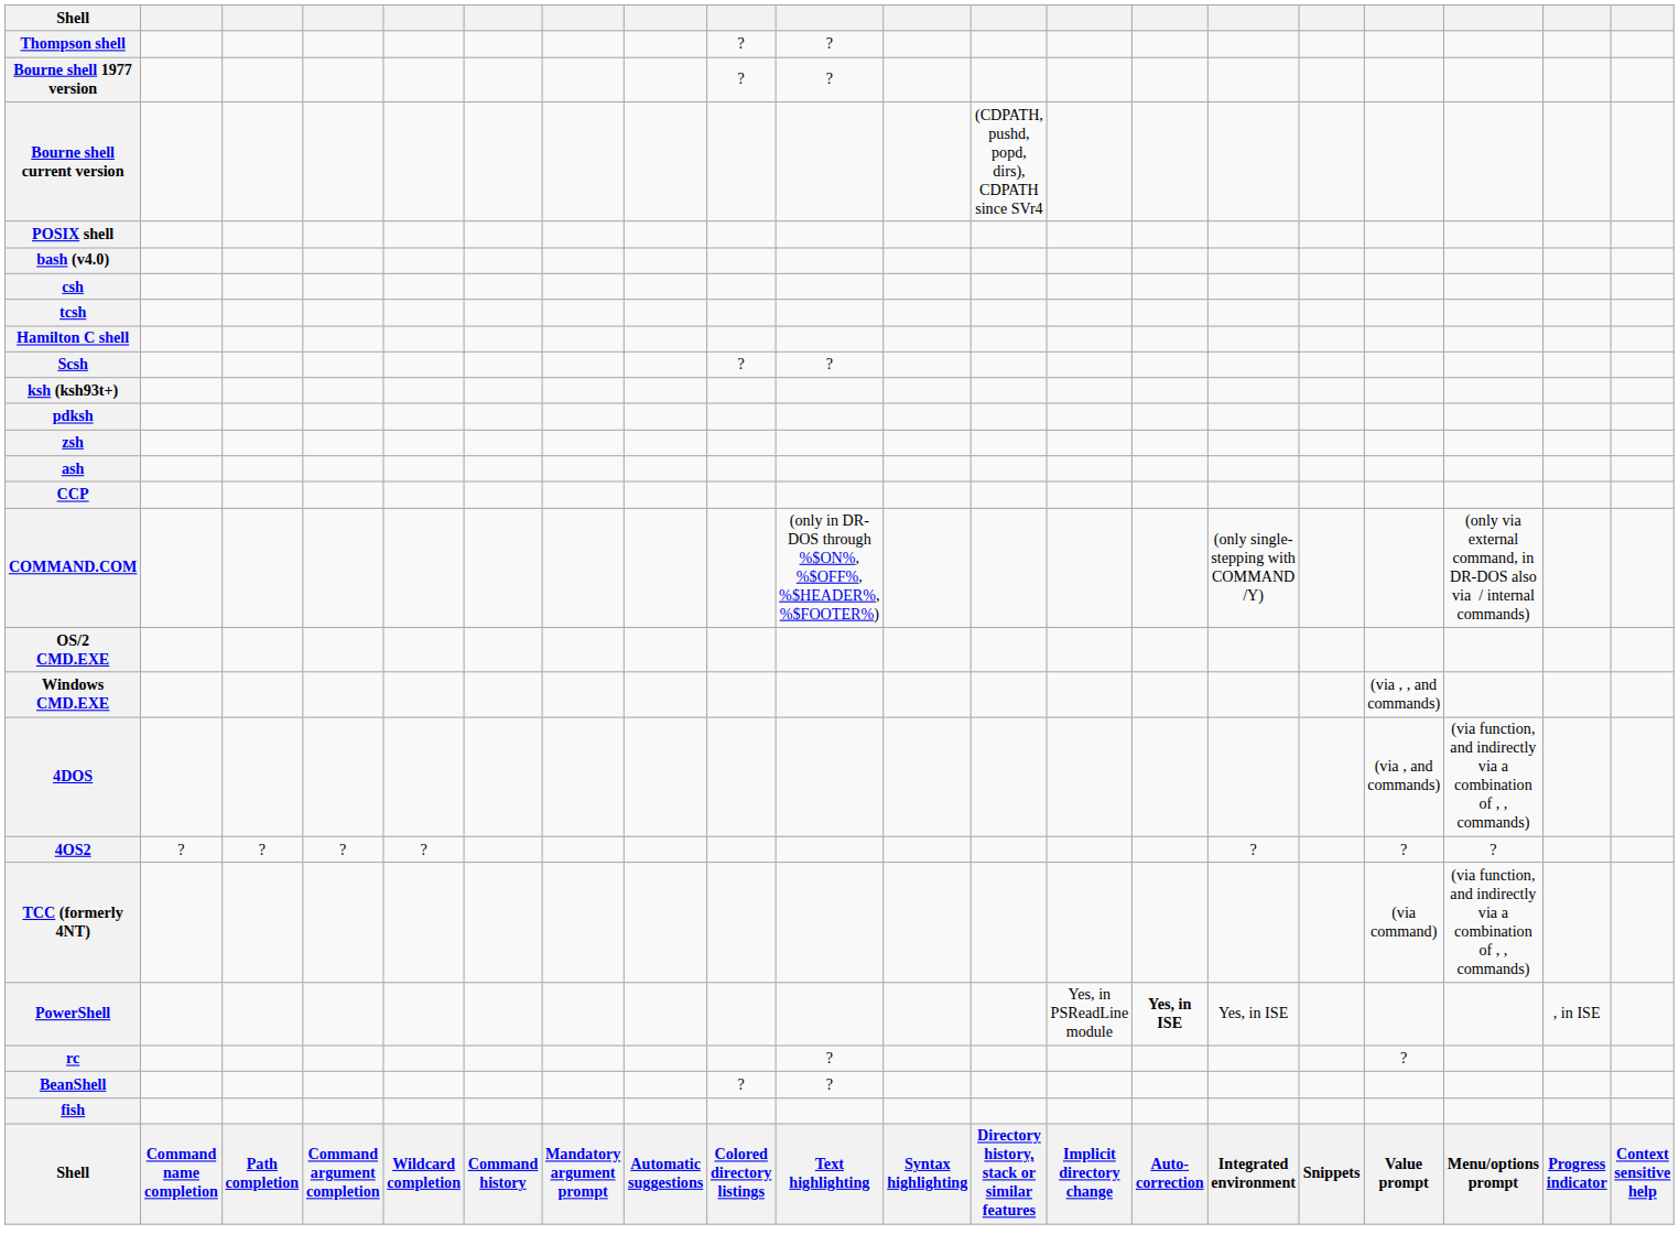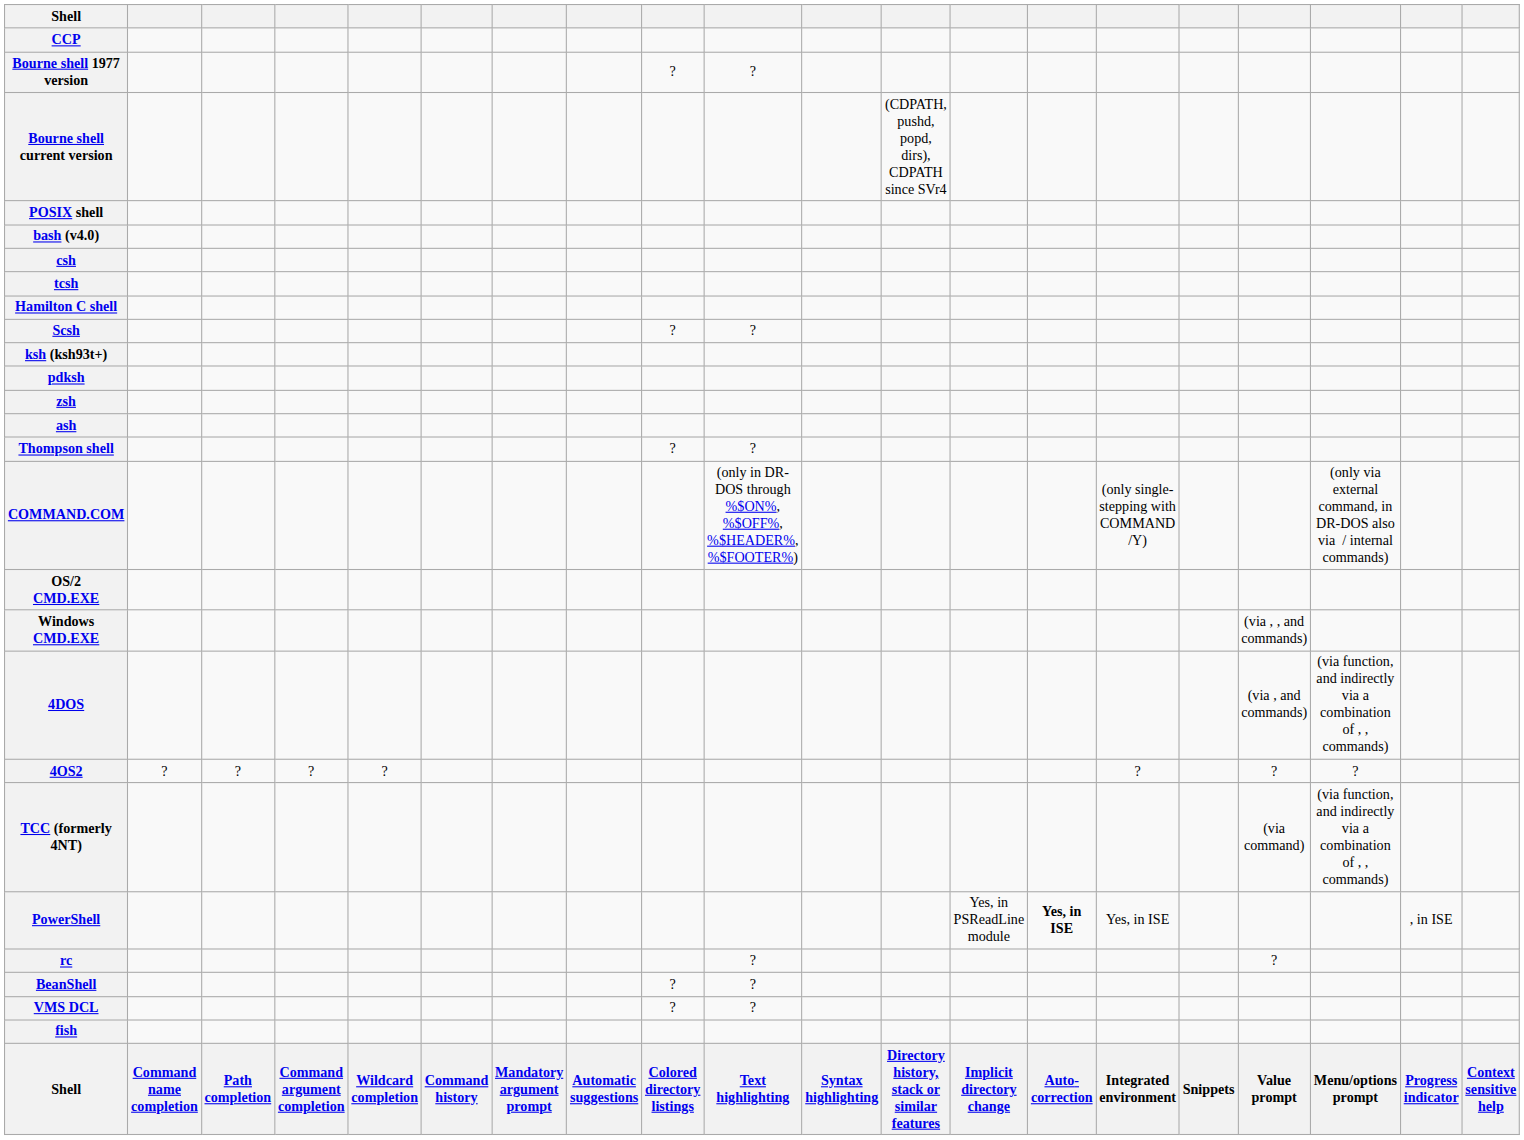 <table class="wikitable sortable sort-under sticky-header" style="width: auto; text-align: center; font-size: smaller;">
 <tr>
 <th>Shell</th>
 <th></th>
 <th></th>
 <th></th>
 <th></th>
 <th></th>
 <th></th>
 <th></th>
 <th></th>
 <th></th>
 <th></th>
 <th></th>
 <th></th>
 <th></th>
 <th></th>
 <th></th>
 <th></th>
 <th></th>
 <th></th>
 <th></th>
 </tr>
 <tr>
-<th><a href='#'>Thompson shell</a></th>
+<th><a href='#'>CCP</a></th>
 <td></td>
 <td></td>
 <td></td>
 <td></td>
 <td></td>
 <td></td>
 <td></td>
-<td>?</td>
-<td>?</td>
+<td></td>
+<td></td>
 <td></td>
 <td></td>
 <td></td>
 <td></td>
 <td></td>
 <td></td>
 <td></td>
 <td></td>
 <td></td>
 <td></td>
 </tr>
 <tr>
 <th><a href='#'>Bourne shell</a> 1977 version</th>
 <td></td>
 <td></td>
 <td></td>
 <td></td>
 <td></td>
 <td></td>
 <td></td>
 <td>?</td>
 <td>?</td>
 <td></td>
 <td></td>
 <td></td>
 <td></td>
 <td></td>
 <td></td>
 <td></td>
 <td></td>
 <td></td>
 <td></td>
 </tr>
 <tr>
 <th><a href='#'>Bourne shell</a> current version</th>
 <td></td>
 <td></td>
 <td></td>
 <td></td>
 <td></td>
 <td></td>
 <td></td>
 <td></td>
 <td></td>
 <td></td>
 <td> (CDPATH, pushd, popd, dirs), CDPATH since SVr4</td>
 <td></td>
 <td></td>
 <td></td>
 <td></td>
 <td></td>
 <td></td>
 <td></td>
 <td></td>
 </tr>
 <tr>
 <th><a href='#'>POSIX</a> shell</th>
 <td></td>
 <td></td>
 <td></td>
 <td></td>
 <td></td>
 <td></td>
 <td></td>
 <td></td>
 <td></td>
 <td></td>
 <td><br></td>
 <td></td>
 <td></td>
 <td></td>
 <td></td>
 <td></td>
 <td></td>
 <td></td>
 <td></td>
 </tr>
 <tr>
 <th><a href='#'>bash</a> (v4.0)</th>
 <td></td>
 <td></td>
 <td></td>
 <td></td>
 <td></td>
 <td></td>
 <td></td>
 <td></td>
 <td></td>
 <td></td>
 <td><br></td>
 <td></td>
 <td></td>
 <td></td>
 <td></td>
 <td></td>
 <td></td>
 <td></td>
 <td></td>
 </tr>
 <tr>
 <th><a href='#'>csh</a></th>
 <td></td>
 <td></td>
 <td></td>
 <td></td>
 <td></td>
 <td></td>
 <td></td>
 <td></td>
 <td></td>
 <td></td>
 <td><br></td>
 <td></td>
 <td></td>
 <td></td>
 <td></td>
 <td></td>
 <td></td>
 <td></td>
 <td></td>
 </tr>
 <tr>
 <th><a href='#'>tcsh</a></th>
 <td></td>
 <td></td>
 <td></td>
 <td></td>
 <td></td>
 <td></td>
 <td></td>
 <td></td>
 <td></td>
 <td></td>
 <td><br></td>
 <td></td>
 <td></td>
 <td></td>
 <td></td>
 <td></td>
 <td></td>
 <td></td>
 <td></td>
 </tr>
 <tr>
 <th><a href='#'>Hamilton C shell</a></th>
 <td></td>
 <td></td>
 <td></td>
 <td></td>
 <td></td>
 <td></td>
 <td></td>
 <td></td>
 <td></td>
 <td></td>
 <td><br></td>
 <td></td>
 <td></td>
 <td></td>
 <td></td>
 <td></td>
 <td></td>
 <td></td>
 <td></td>
 </tr>
 <tr>
 <th><a href='#'>Scsh</a></th>
 <td></td>
 <td></td>
 <td></td>
 <td></td>
 <td></td>
 <td></td>
 <td></td>
 <td>?</td>
 <td>?</td>
 <td></td>
 <td></td>
 <td></td>
 <td></td>
 <td></td>
 <td></td>
 <td></td>
 <td></td>
 <td></td>
 <td></td>
 </tr>
 <tr>
 <th><a href='#'>ksh</a> (ksh93t+)</th>
 <td><br></td>
 <td><br></td>
 <td></td>
 <td></td>
 <td></td>
 <td></td>
 <td></td>
 <td></td>
 <td></td>
 <td></td>
 <td><br></td>
 <td></td>
 <td></td>
 <td></td>
 <td></td>
 <td></td>
 <td></td>
 <td></td>
 <td></td>
 </tr>
 <tr>
 <th><a href='#'>pdksh</a></th>
 <td></td>
 <td></td>
 <td></td>
 <td></td>
 <td></td>
 <td></td>
 <td></td>
 <td></td>
 <td></td>
 <td></td>
 <td></td>
 <td></td>
 <td></td>
 <td></td>
 <td></td>
 <td></td>
 <td></td>
 <td></td>
 <td></td>
 </tr>
 <tr>
 <th><a href='#'>zsh</a></th>
 <td></td>
 <td></td>
 <td></td>
 <td></td>
 <td></td>
 <td></td>
 <td><br></td>
 <td></td>
 <td></td>
 <td></td>
 <td></td>
 <td></td>
 <td></td>
 <td></td>
 <td></td>
 <td></td>
 <td></td>
 <td></td>
 <td></td>
 </tr>
 <tr>
 <th><a href='#'>ash</a></th>
 <td></td>
 <td></td>
 <td></td>
 <td></td>
 <td></td>
 <td></td>
 <td></td>
 <td></td>
 <td></td>
 <td></td>
 <td></td>
 <td></td>
 <td></td>
 <td></td>
 <td></td>
 <td></td>
 <td></td>
 <td></td>
 <td></td>
 </tr>
 <tr>
-<th><a href='#'>CCP</a></th>
+<th><a href='#'>Thompson shell</a></th>
 <td></td>
 <td></td>
 <td></td>
 <td></td>
 <td></td>
 <td></td>
 <td></td>
-<td></td>
-<td></td>
+<td>?</td>
+<td>?</td>
 <td></td>
 <td></td>
 <td></td>
 <td></td>
 <td></td>
 <td></td>
 <td></td>
 <td></td>
 <td></td>
 <td></td>
 </tr>
 <tr>
 <th><a href='#'>COMMAND.COM</a></th>
 <td></td>
 <td></td>
 <td></td>
 <td></td>
 <td></td>
 <td></td>
 <td></td>
 <td></td>
 <td> (only in DR-DOS through <a href='#'>%$ON%</a>, <a href='#'>%$OFF%</a>, <a href='#'>%$HEADER%</a>, <a href='#'>%$FOOTER%</a>)</td>
 <td></td>
 <td></td>
 <td></td>
 <td></td>
 <td> (only single-stepping with COMMAND /Y)</td>
 <td></td>
 <td></td>
 <td> (only via external  command, in DR-DOS also via  /  internal commands)</td>
 <td></td>
 <td></td>
 </tr>
 <tr>
 <th>OS/2<br><a href='#'>CMD.EXE</a></th>
 <td></td>
 <td></td>
 <td></td>
 <td></td>
 <td></td>
 <td></td>
 <td></td>
 <td></td>
 <td></td>
 <td></td>
 <td></td>
 <td></td>
 <td></td>
 <td></td>
 <td></td>
 <td></td>
 <td></td>
 <td></td>
 <td></td>
 </tr>
 <tr>
 <th>Windows<br><a href='#'>CMD.EXE</a></th>
 <td></td>
 <td></td>
 <td></td>
 <td></td>
 <td><br></td>
 <td></td>
 <td></td>
 <td></td>
 <td></td>
 <td></td>
 <td><br></td>
 <td></td>
 <td></td>
 <td></td>
 <td></td>
 <td> (via , ,  and  commands)</td>
 <td></td>
 <td></td>
 <td></td>
 </tr>
 <tr>
 <th><a href='#'>4DOS</a></th>
 <td></td>
 <td></td>
 <td></td>
 <td></td>
 <td></td>
 <td></td>
 <td></td>
 <td></td>
 <td></td>
 <td></td>
 <td></td>
 <td></td>
 <td></td>
 <td></td>
 <td></td>
 <td> (via ,  and  commands)</td>
 <td> (via  function, and indirectly via a combination of , ,  commands)</td>
 <td></td>
 <td></td>
 </tr>
 <tr>
 <th><a href='#'>4OS2</a></th>
 <td>?</td>
 <td>?</td>
 <td>?</td>
 <td>?</td>
 <td></td>
 <td></td>
 <td></td>
 <td></td>
 <td></td>
 <td></td>
 <td></td>
 <td></td>
 <td></td>
 <td>?</td>
 <td></td>
 <td>?</td>
 <td>?</td>
 <td></td>
 <td></td>
 </tr>
 <tr>
 <th><a href='#'>TCC</a> (formerly 4NT)</th>
 <td></td>
 <td></td>
 <td></td>
 <td></td>
 <td></td>
 <td></td>
 <td></td>
 <td></td>
 <td></td>
 <td></td>
 <td></td>
 <td></td>
 <td></td>
 <td></td>
 <td></td>
 <td> (via  command)</td>
 <td> (via  function, and indirectly via a combination of , ,  commands)</td>
 <td></td>
 <td></td>
 </tr>
 <tr>
 <th><a href='#'>PowerShell</a></th>
 <td></td>
 <td></td>
 <td></td>
 <td></td>
 <td><br></td>
 <td></td>
 <td></td>
 <td></td>
 <td></td>
 <td></td>
 <td><br></td>
 <td>Yes, in PSReadLine module</td>
 <td><strong>Yes, in ISE</strong></td>
 <td>Yes, in ISE</td>
 <td></td>
 <td></td>
 <td></td>
 <td>, in ISE</td>
 <td></td>
 </tr>
 <tr>
 <th><a href='#'>rc</a></th>
 <td></td>
 <td></td>
 <td></td>
 <td></td>
 <td></td>
 <td></td>
 <td></td>
 <td></td>
 <td>?</td>
 <td></td>
 <td></td>
 <td></td>
 <td></td>
 <td></td>
 <td></td>
 <td>?</td>
 <td></td>
 <td></td>
 <td></td>
 </tr>
 <tr>
 <th><a href='#'>BeanShell</a></th>
 <td></td>
 <td></td>
 <td></td>
 <td></td>
 <td></td>
 <td></td>
 <td></td>
 <td>?</td>
 <td>?</td>
 <td></td>
 <td></td>
 <td></td>
 <td></td>
 <td></td>
 <td></td>
 <td></td>
 <td></td>
 <td></td>
 <td></td>
 </tr>
 <tr>
+<th><a href='#'>VMS DCL</a></th>
+<td></td>
+<td></td>
+<td></td>
+<td></td>
+<td></td>
+<td></td>
+<td></td>
+<td>?</td>
+<td>?</td>
+<td></td>
+<td></td>
+<td></td>
+<td></td>
+<td></td>
+<td></td>
+<td></td>
+<td></td>
+<td></td>
+<td></td>
+</tr>
+<tr>
 <th><a href='#'>fish</a></th>
 <td></td>
 <td></td>
 <td></td>
 <td></td>
 <td></td>
 <td></td>
 <td></td>
 <td></td>
 <td><br></td>
 <td></td>
 <td></td>
 <td></td>
 <td></td>
 <td></td>
 <td></td>
 <td></td>
 <td></td>
 <td></td>
 <td></td>
 </tr>
 <tr>
 <th>Shell</th>
 <th><a href='#'>Command<br>name<br>completion</a></th>
 <th><a href='#'>Path<br>completion</a></th>
 <th><a href='#'>Command<br>argument<br>completion</a></th>
 <th><a href='#'>Wildcard<br>completion</a></th>
 <th><a href='#'>Command<br>history</a></th>
 <th><a href='#'>Mandatory<br>argument<br>prompt</a></th>
 <th><a href='#'>Automatic<br>suggestions</a></th>
 <th><a href='#'>Colored<br>directory<br>listings</a></th>
 <th><a href='#'>Text<br>highlighting</a></th>
 <th><a href='#'>Syntax<br>highlighting</a></th>
 <th><a href='#'>Directory history, stack or similar features</a></th>
 <th><a href='#'>Implicit<br>directory<br>change</a></th>
 <th><a href='#'>Auto­correction</a></th>
 <th>Integrated<br>environment</th>
 <th>Snippets</th>
 <th>Value<br>prompt</th>
 <th>Menu/options<br>prompt</th>
 <th><a href='#'>Progress<br>indicator</a></th>
 <th><a href='#'>Context<br>sensitive<br>help</a></th>
 </tr>
 </table>
